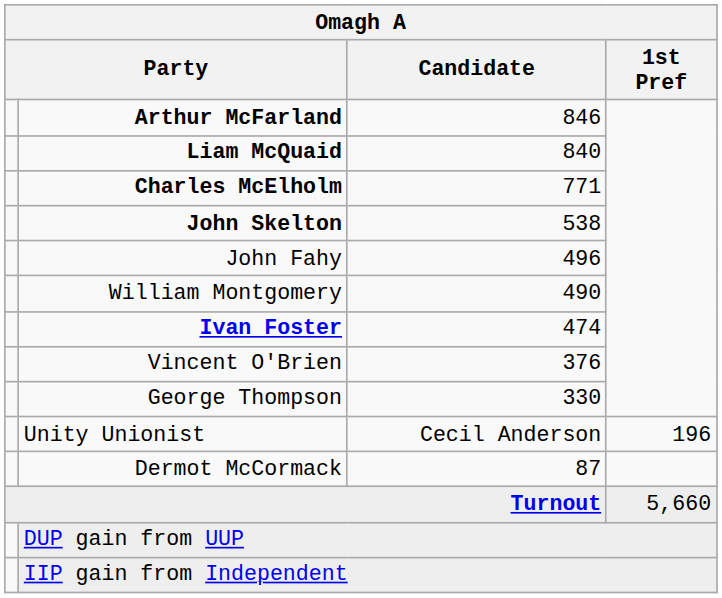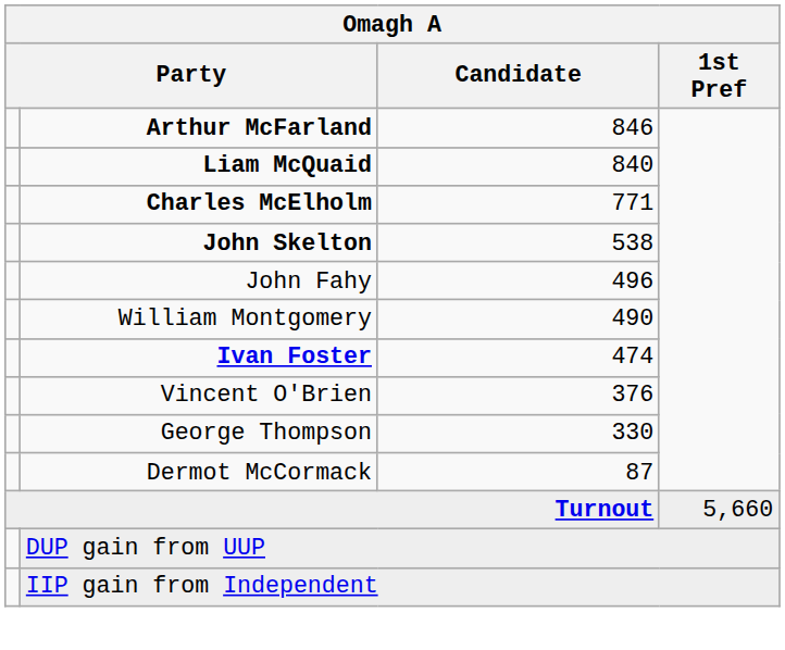 <table class="wikitable">
 <tr>
 <th colspan="4" align="center">Omagh A</th>
 </tr>
 <tr>
 <th colspan="2" align="center" width=200>Party</th>
 <th width=150>Candidate</th>
 <th width=60>1st Pref</th>
 </tr>
 <tr>
 <td></td>
 <td align="right"><strong>Arthur McFarland</strong></td>
 <td align="right">846</td>
 </tr>
 <tr>
 <td></td>
 <td align="right"><strong>Liam McQuaid</strong></td>
 <td align="right">840</td>
 </tr>
 <tr>
 <td></td>
 <td align="right"><strong>Charles McElholm</strong></td>
 <td align="right">771</td>
 </tr>
 <tr>
 <td></td>
 <td align="right"><strong>John Skelton</strong></td>
 <td align="right">538</td>
 </tr>
 <tr>
 <td></td>
 <td align="right">John Fahy</td>
 <td align="right">496</td>
 </tr>
 <tr>
 <td></td>
 <td align="right">William Montgomery</td>
 <td align="right">490</td>
 </tr>
 <tr>
 <td></td>
 <td align="right"><strong><a href='#'>Ivan Foster</a></strong></td>
 <td align="right">474</td>
 </tr>
 <tr>
 <td></td>
 <td align="right">Vincent O'Brien</td>
 <td align="right">376</td>
 </tr>
 <tr>
 <td></td>
 <td align="right">George Thompson</td>
 <td align="right">330</td>
 </tr>
 <tr>
-<td style="background-color: "></td>
-<td>Unity Unionist</td>
-<td align="right">Cecil Anderson</td>
-<td align="right">196</td>
-</tr>
-<tr>
 <td></td>
 <td align="right">Dermot McCormack</td>
 <td align="right">87</td>
 </tr>
 <tr bgcolor="EEEEEE">
 <td colspan=3 align="right"><strong><a href='#'>Turnout</a></strong></td>
 <td align="right">5,660</td>
 </tr>
 <tr>
 <td bgcolor=></td>
 <td colspan=3 bgcolor="EEEEEE"><a href='#'>DUP</a> gain from <a href='#'>UUP</a></td>
 </tr>
 <tr>
 <td bgcolor=></td>
 <td colspan=3 bgcolor="EEEEEE"><a href='#'>IIP</a> gain from <a href='#'>Independent</a></td>
 </tr>
 </table>
